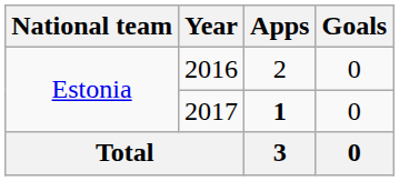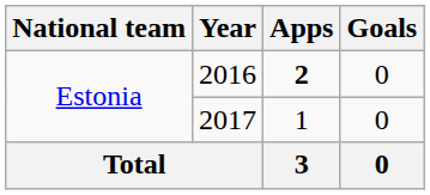 <table class="wikitable" style="text-align:center;">
 <tr>
 <th>National team</th>
 <th>Year</th>
 <th>Apps</th>
 <th>Goals</th>
 </tr>
 <tr>
 <td rowspan=2><a href='#'>Estonia</a></td>
 <td>2016</td>
-<td>2</td>
+<td><strong>2</strong></td>
 <td>0</td>
 </tr>
 <tr>
 <td>2017</td>
-<td><strong>1</strong></td>
+<td>1</td>
 <td>0</td>
 </tr>
 <tr>
 <th colspan=2>Total</th>
 <th>3</th>
 <th>0</th>
 </tr>
 </table>
